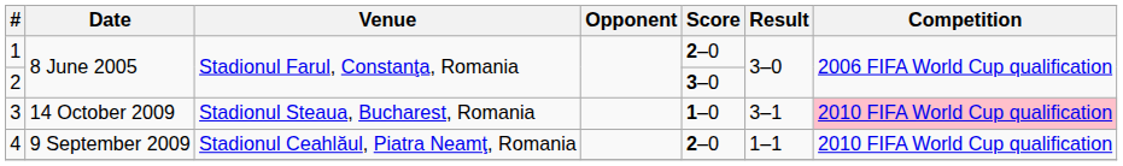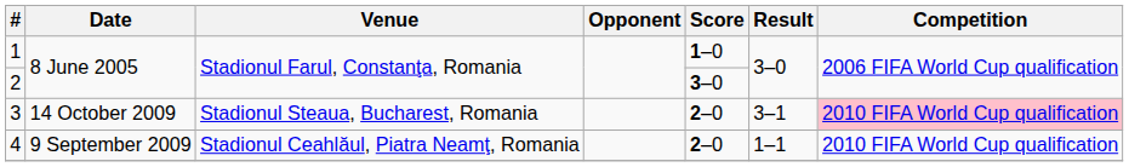 <table class="wikitable">
 <tr>
 <th>#</th>
 <th>Date</th>
 <th>Venue</th>
 <th>Opponent</th>
 <th>Score</th>
 <th>Result</th>
 <th>Competition</th>
 </tr>
 <tr>
 <td>1</td>
 <td rowspan=2>8 June 2005</td>
 <td rowspan=2><a href='#'>Stadionul Farul</a>, <a href='#'>Constanţa</a>, Romania</td>
 <td rowspan=2></td>
-<td><strong>2</strong>–0</td>
+<td><strong>1</strong>–0</td>
 <td rowspan=2>3–0</td>
 <td rowspan=2><a href='#'>2006 FIFA World Cup qualification</a></td>
 </tr>
 <tr>
 <td>2</td>
 <td><strong>3</strong>–0</td>
 </tr>
 <tr>
 <td>3</td>
 <td>14 October 2009</td>
 <td><a href='#'>Stadionul Steaua</a>, <a href='#'>Bucharest</a>, Romania</td>
 <td></td>
-<td><strong>1</strong>–0</td>
+<td><strong>2</strong>–0</td>
 <td>3–1</td>
 <td style="background: pink;"><a href='#'>2010 FIFA World Cup qualification</a></td>
 </tr>
 <tr>
 <td>4</td>
 <td>9 September 2009</td>
 <td><a href='#'>Stadionul Ceahlăul</a>, <a href='#'>Piatra Neamţ</a>, Romania</td>
 <td></td>
 <td><strong>2</strong>–0</td>
 <td>1–1</td>
 <td><a href='#'>2010 FIFA World Cup qualification</a></td>
 </tr>
 <tr>
 </tr>
 </table>
